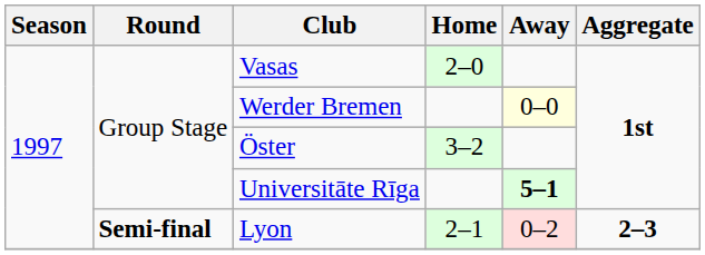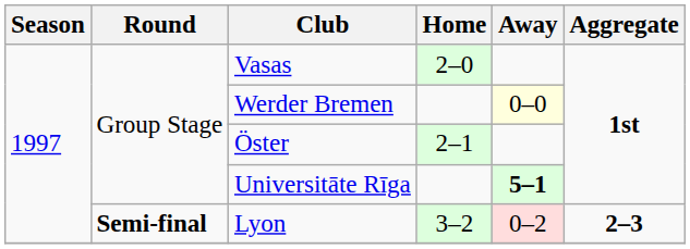 <table class="wikitable">
 <tr>
 <th>Season</th>
 <th>Round</th>
 <th>Club</th>
 <th>Home</th>
 <th>Away</th>
 <th>Aggregate</th>
 </tr>
 <tr>
 <td rowspan=5><a href='#'>1997</a></td>
 <td rowspan=4>Group Stage</td>
 <td> <a href='#'>Vasas</a></td>
 <td style="text-align:center; background:#dfd;">2–0</td>
 <td></td>
 <td style="text-align:center;" rowspan=4><strong>1st</strong></td>
 </tr>
 <tr>
 <td> <a href='#'>Werder Bremen</a></td>
 <td></td>
 <td style="text-align:center; background:#ffd;">0–0</td>
 </tr>
 <tr>
 <td> <a href='#'>Öster</a></td>
-<td style="text-align:center; background:#dfd;">3–2</td>
+<td style="text-align:center; background:#dfd;">2–1</td>
 <td></td>
 </tr>
 <tr>
 <td> <a href='#'>Universitāte Rīga</a></td>
 <td></td>
 <td style="text-align:center; background:#dfd;"><strong>5–1</strong></td>
 </tr>
 <tr>
 <td><strong>Semi-final</strong></td>
 <td> <a href='#'>Lyon</a></td>
-<td style="text-align:center; background:#dfd;">2–1</td>
+<td style="text-align:center; background:#dfd;">3–2</td>
 <td style="text-align:center; background:#fdd;">0–2</td>
 <td style="text-align:center;"><strong>2–3</strong></td>
 </tr>
 <tr>
 </tr>
 </table>
